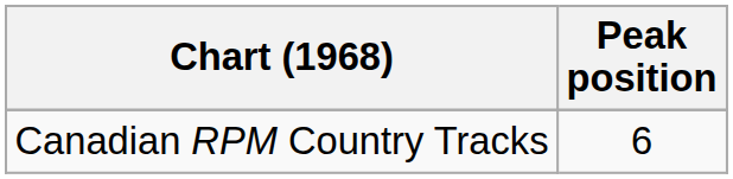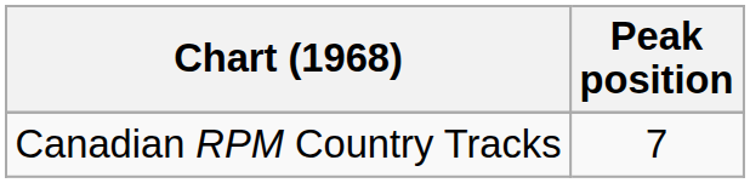 <table class="wikitable sortable">
 <tr>
 <th align="left">Chart (1968)</th>
 <th align="center">Peak<br>position</th>
 </tr>
 <tr>
 </tr>
 <tr>
 <td align="left">Canadian <em>RPM</em> Country Tracks</td>
-<td align="center">6</td>
+<td align="center">7</td>
 </tr>
 </table>
